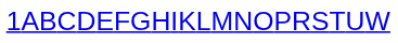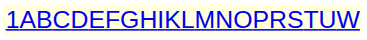 <table id="toc" class="toc" summary="Class">
 <tr>
 <th></th>
 </tr>
 <tr>
-<td style="text-align:center;"><a href='#'>1</a><a href='#'>A</a><a href='#'>B</a><a href='#'>C</a><a href='#'>D</a><a href='#'>E</a><a href='#'>F</a><a href='#'>G</a><a href='#'>H</a><a href='#'>I</a><a href='#'>K</a><a href='#'>L</a><a href='#'>M</a><a href='#'>N</a><a href='#'>O</a><a href='#'>P</a><a href='#'>R</a><a href='#'>S</a><a href='#'>T</a><a href='#'>U</a><a href='#'>W</a></td>
+<td style="background: lightyellow; text-align:center;"><a href='#'>1</a><a href='#'>A</a><a href='#'>B</a><a href='#'>C</a><a href='#'>D</a><a href='#'>E</a><a href='#'>F</a><a href='#'>G</a><a href='#'>H</a><a href='#'>I</a><a href='#'>K</a><a href='#'>L</a><a href='#'>M</a><a href='#'>N</a><a href='#'>O</a><a href='#'>P</a><a href='#'>R</a><a href='#'>S</a><a href='#'>T</a><a href='#'>U</a><a href='#'>W</a></td>
 </tr>
 </table>
